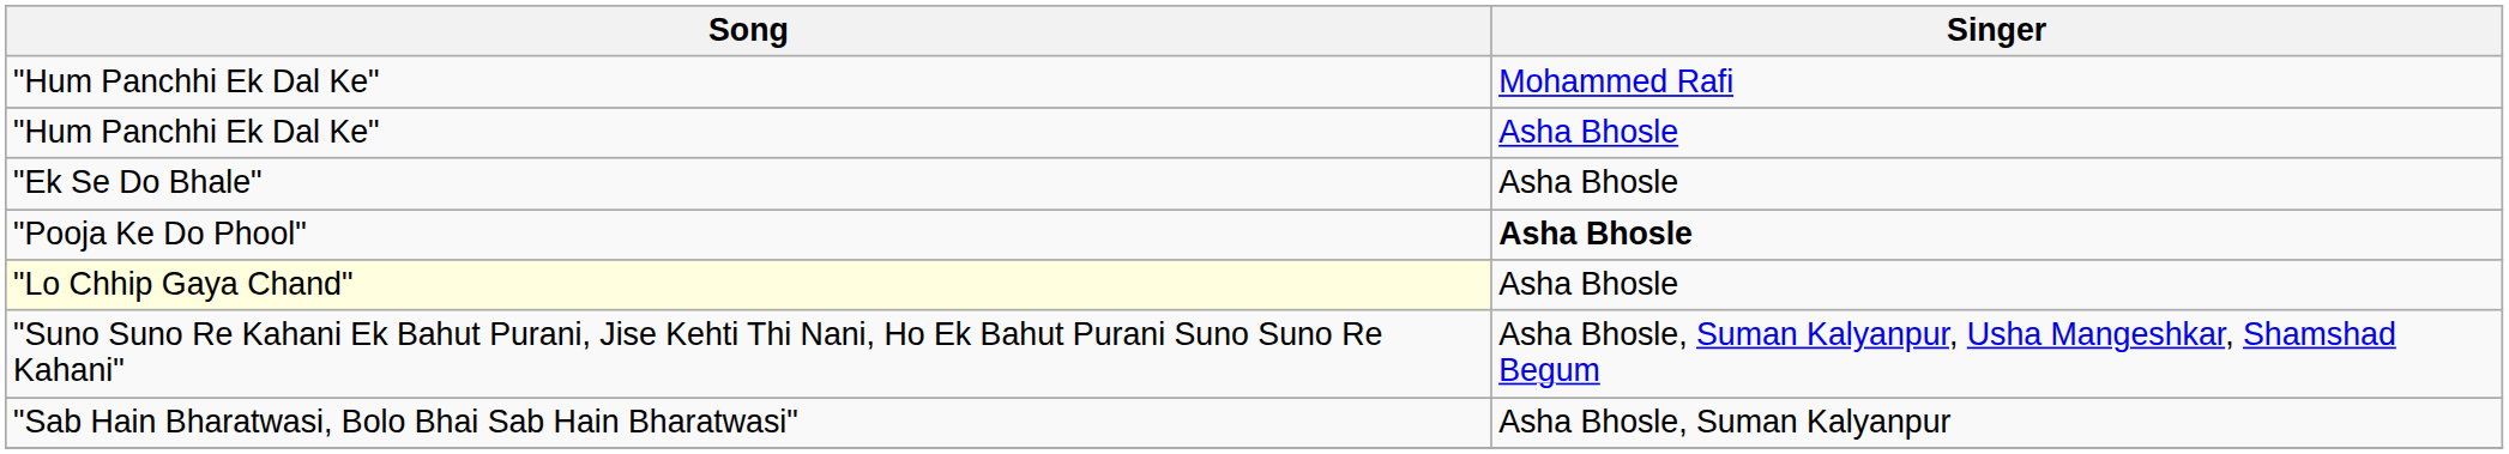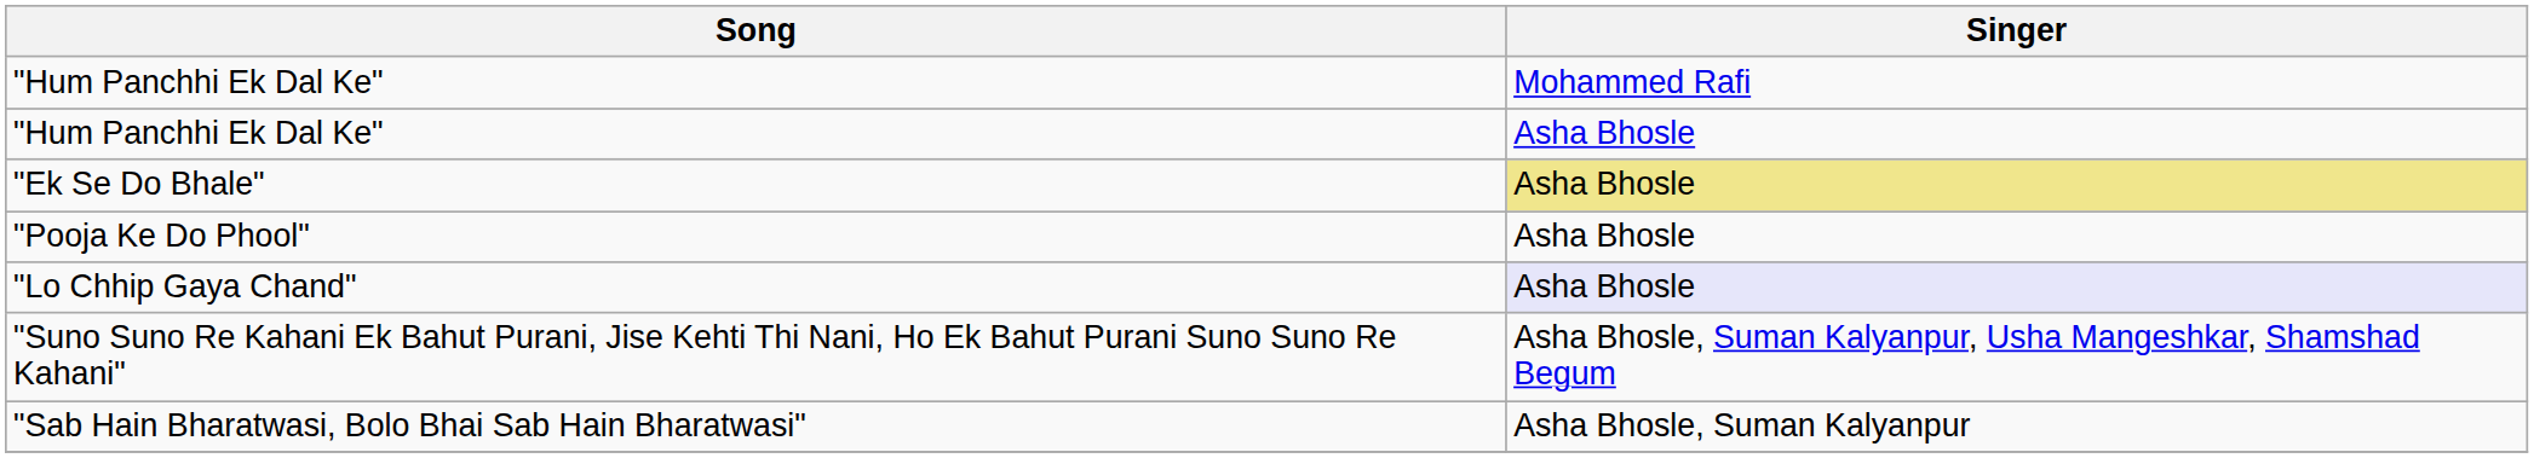 <table class="wikitable">
 <tr>
 <th>Song</th>
 <th>Singer</th>
 </tr>
 <tr>
 <td>"Hum Panchhi Ek Dal Ke"</td>
 <td><a href='#'>Mohammed Rafi</a></td>
 </tr>
 <tr>
 <td>"Hum Panchhi Ek Dal Ke"</td>
 <td><a href='#'>Asha Bhosle</a></td>
 </tr>
 <tr>
 <td>"Ek Se Do Bhale"</td>
+<td style="background: khaki;">Asha Bhosle</td>
+</tr>
+<tr>
+<td>"Pooja Ke Do Phool"</td>
 <td>Asha Bhosle</td>
 </tr>
 <tr>
-<td>"Pooja Ke Do Phool"</td>
-<td><strong>Asha Bhosle</strong></td>
-</tr>
-<tr>
-<td style="background: lightyellow;">"Lo Chhip Gaya Chand"</td>
-<td>Asha Bhosle</td>
+<td>"Lo Chhip Gaya Chand"</td>
+<td style="background: lavender;">Asha Bhosle</td>
 </tr>
 <tr>
 <td>"Suno Suno Re Kahani Ek Bahut Purani, Jise Kehti Thi Nani, Ho Ek Bahut Purani Suno Suno Re Kahani"</td>
 <td>Asha Bhosle, <a href='#'>Suman Kalyanpur</a>, <a href='#'>Usha Mangeshkar</a>, <a href='#'>Shamshad Begum</a></td>
 </tr>
 <tr>
 <td>"Sab Hain Bharatwasi, Bolo Bhai Sab Hain Bharatwasi"</td>
 <td>Asha Bhosle, Suman Kalyanpur</td>
 </tr>
 <tr>
 </tr>
 </table>
